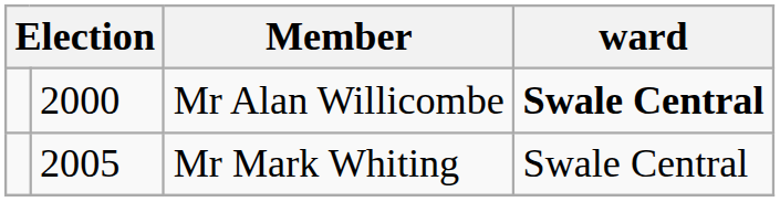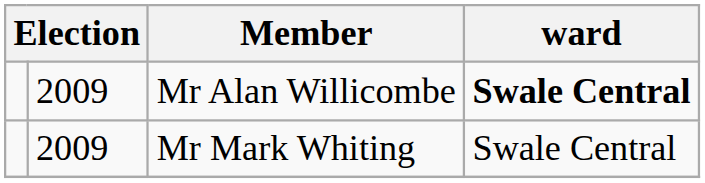 <table class="wikitable">
 <tr>
 <th colspan="2">Election</th>
 <th>Member</th>
 <th>ward</th>
 </tr>
 <tr>
 <td style="background-color: "></td>
-<td>2000</td>
+<td>2009</td>
 <td>Mr Alan Willicombe</td>
 <td><strong>Swale Central</strong></td>
 </tr>
 <tr>
 <td style="background-color: "></td>
-<td>2005</td>
+<td>2009</td>
 <td>Mr Mark Whiting</td>
 <td>Swale Central</td>
 </tr>
 <tr>
 </tr>
 </table>
